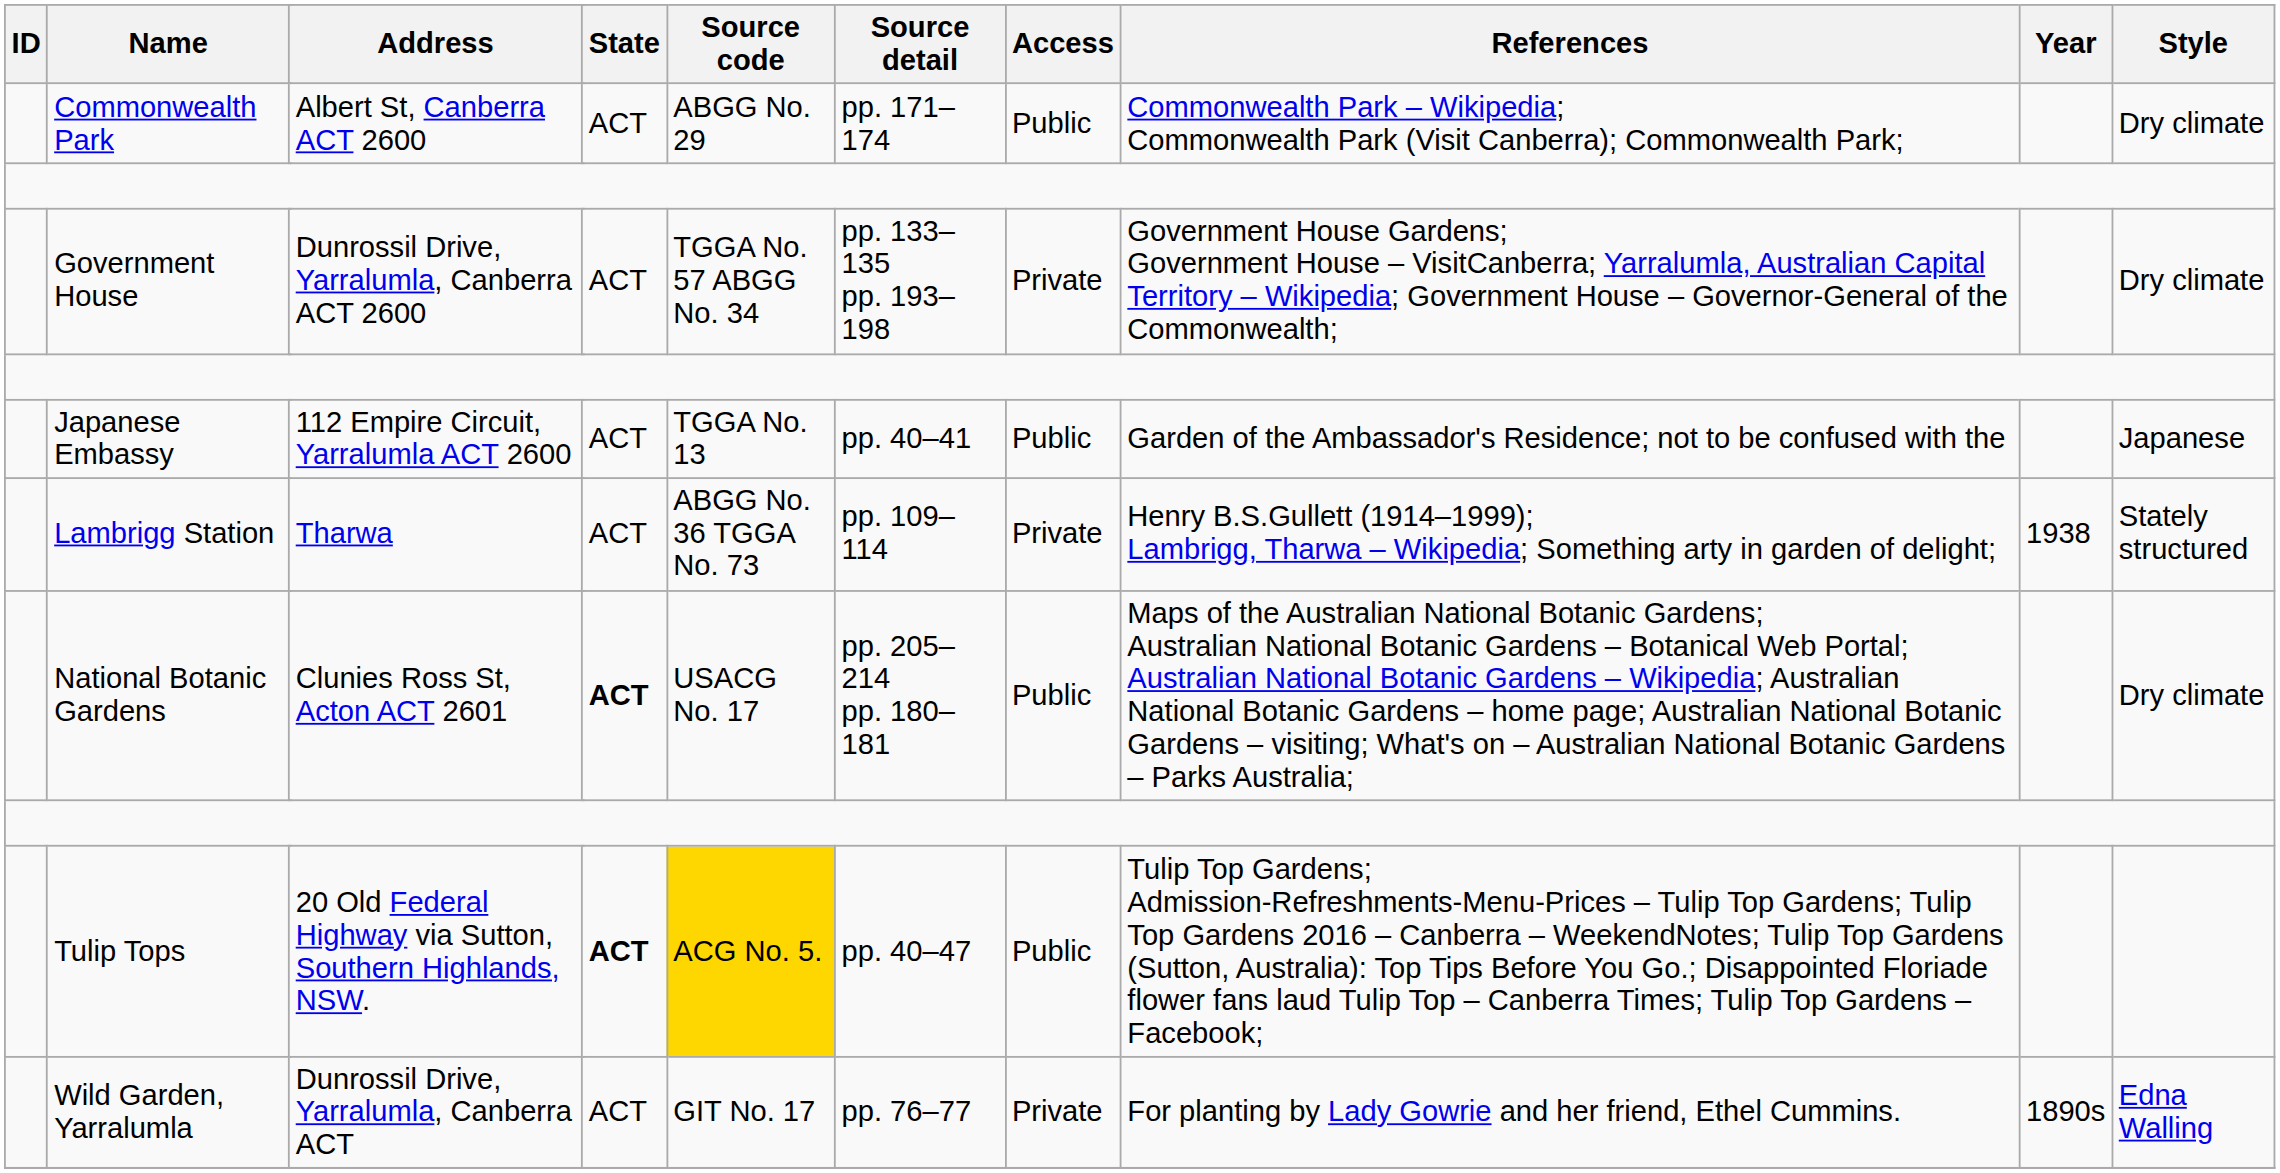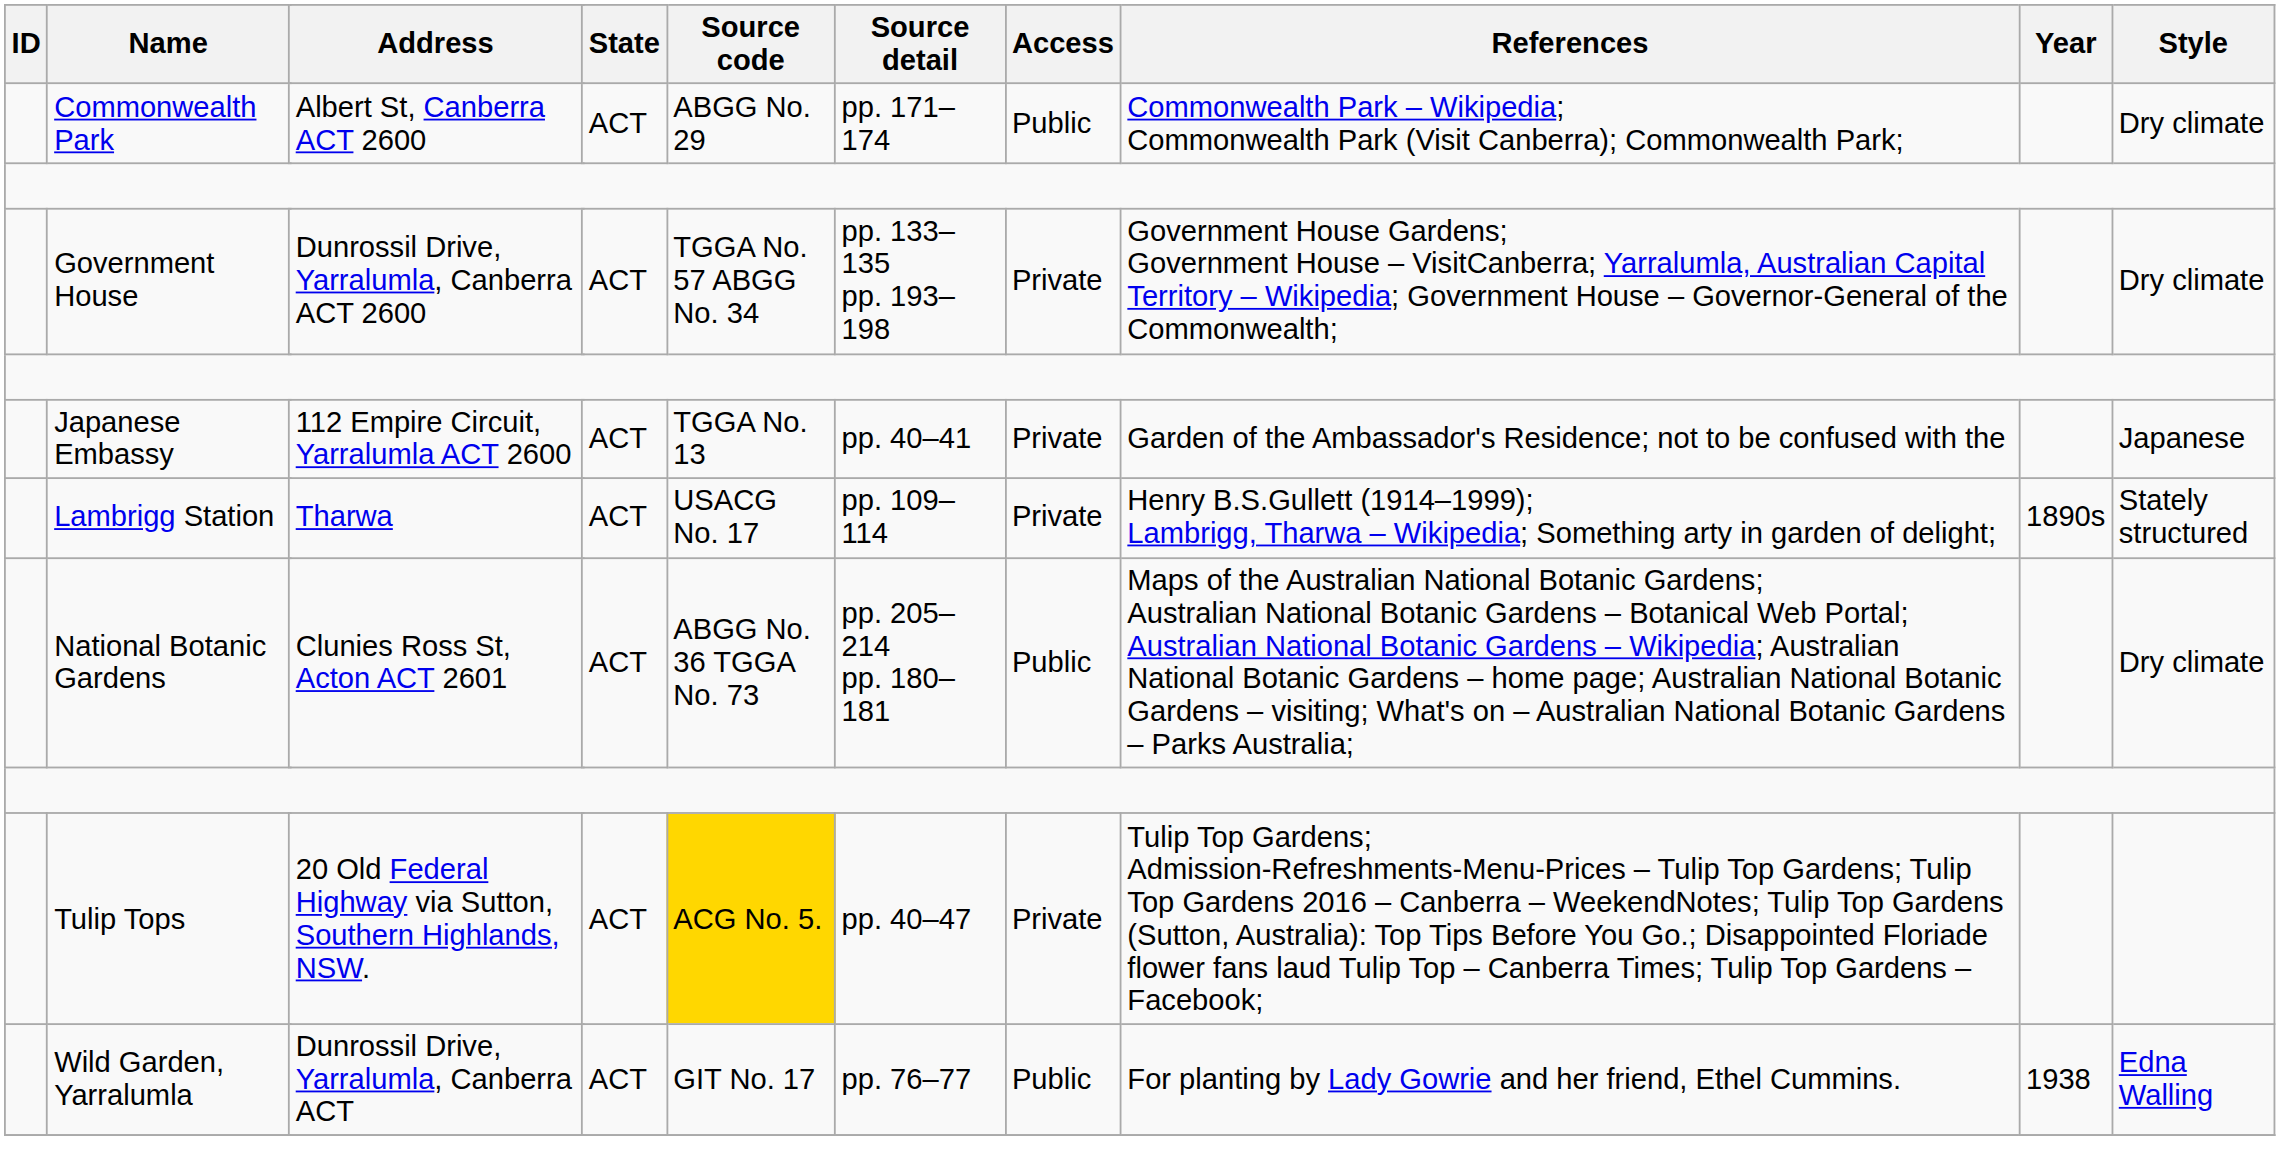 <table class="wikitable">
 <tr>
 <th colspan="1">ID</th>
 <th colspan="2">Name</th>
 <th colspan="3">Address</th>
 <th colspan="1">State</th>
 <th colspan="1">Source code</th>
 <th colspan="2">Source detail</th>
 <th colspan="1">Access</th>
 <th colspan="5">References</th>
 <th colspan="1">Year</th>
 <th colspan="2">Style</th>
 </tr>
 <tr>
 <td colspan="1"><br></td>
 <td colspan="2"><a href='#'>Commonwealth Park</a></td>
 <td colspan="3">Albert St, <a href='#'>Canberra ACT</a> 2600</td>
 <td colspan="1">ACT</td>
 <td colspan="1">ABGG No. 29</td>
 <td colspan="2">pp. 171–174</td>
 <td colspan="1">Public</td>
 <td colspan="5"><a href='#'>Commonwealth Park – Wikipedia</a>;<br>Commonwealth Park (Visit Canberra); Commonwealth Park;</td>
 <td colspan="1"></td>
 <td colspan="2">Dry climate</td>
 </tr>
 <tr>
 <td colspan="19"><br></td>
 </tr>
 <tr>
 <td colspan="1"><br></td>
 <td colspan="2">Government House</td>
 <td colspan="3">Dunrossil Drive, <a href='#'>Yarralumla</a>, Canberra ACT 2600</td>
 <td colspan="1">ACT</td>
 <td colspan="1">TGGA No. 57	ABGG No. 34</td>
 <td colspan="2">pp. 133–135	pp. 193–198</td>
 <td colspan="1">Private</td>
 <td colspan="5">Government House Gardens;<br>Government House – VisitCanberra; <a href='#'>Yarralumla, Australian Capital Territory – Wikipedia</a>; Government House – Governor-General of the Commonwealth;</td>
 <td colspan="1"></td>
 <td colspan="2">Dry climate</td>
 </tr>
 <tr>
 <td colspan="19"><br></td>
 </tr>
 <tr>
 <td colspan="1"><br></td>
 <td colspan="2">Japanese Embassy</td>
 <td colspan="3">112 Empire Circuit, <a href='#'>Yarralumla ACT</a> 2600</td>
 <td colspan="1">ACT</td>
 <td colspan="1">TGGA No. 13</td>
 <td colspan="2">pp. 40–41</td>
-<td colspan="1">Public</td>
+<td colspan="1">Private</td>
 <td colspan="5">Garden of the Ambassador's Residence; not to be confused with the </td>
 <td colspan="1"></td>
 <td colspan="2">Japanese</td>
 </tr>
 <tr>
 <td colspan="1"><br></td>
 <td colspan="2"><a href='#'>Lambrigg</a> Station</td>
 <td colspan="3"><a href='#'>Tharwa</a></td>
 <td colspan="1">ACT</td>
-<td colspan="1">ABGG No. 36	TGGA No. 73</td>
+<td colspan="1">USACG No. 17</td>
 <td colspan="2">pp. 109–114</td>
 <td colspan="1">Private</td>
 <td colspan="5">Henry B.S.Gullett (1914–1999);<br><a href='#'>Lambrigg, Tharwa – Wikipedia</a>; Something arty in garden of delight; </td>
-<td colspan="1">1938</td>
+<td colspan="1">1890s</td>
 <td colspan="2">Stately structured</td>
 </tr>
 <tr>
 <td colspan="1"><br></td>
 <td colspan="2">National Botanic Gardens</td>
 <td colspan="3">Clunies Ross St, <a href='#'>Acton ACT</a> 2601</td>
-<td colspan="1"><strong>ACT</strong></td>
-<td colspan="1">USACG No. 17</td>
+<td colspan="1">ACT</td>
+<td colspan="1">ABGG No. 36	TGGA No. 73</td>
 <td colspan="2">pp. 205–214	pp. 180–181</td>
 <td colspan="1">Public</td>
 <td colspan="5">Maps of the Australian National Botanic Gardens;<br>Australian National Botanic Gardens – Botanical Web Portal; <a href='#'>Australian National Botanic Gardens – Wikipedia</a>; Australian National Botanic Gardens – home page;  Australian National Botanic Gardens – visiting; What's on – Australian National Botanic Gardens – Parks Australia;</td>
 <td colspan="1"></td>
 <td colspan="2">Dry climate</td>
 </tr>
 <tr>
 <td colspan="19"><br></td>
 </tr>
 <tr>
 <td colspan="1"><br></td>
 <td colspan="2">Tulip Tops</td>
 <td colspan="3">20 Old <a href='#'>Federal Highway</a> via Sutton, <a href='#'>Southern Highlands, NSW</a>.</td>
-<td colspan="1"><strong>ACT</strong></td>
+<td colspan="1">ACT</td>
 <td colspan="1" style="background: gold;">ACG No. 5.</td>
 <td colspan="2">pp. 40–47</td>
-<td colspan="1">Public</td>
+<td colspan="1">Private</td>
 <td colspan="5">Tulip Top Gardens;<br>Admission-Refreshments-Menu-Prices – Tulip Top Gardens; Tulip Top Gardens 2016 – Canberra – WeekendNotes; Tulip Top Gardens (Sutton, Australia): Top Tips Before You Go.; Disappointed Floriade flower fans laud Tulip Top – Canberra Times; Tulip Top Gardens – Facebook;</td>
 <td colspan="1"></td>
 <td colspan="2"></td>
 </tr>
 <tr>
 <td colspan="1"><br></td>
 <td colspan="2">Wild Garden, Yarralumla</td>
 <td colspan="3">Dunrossil Drive, <a href='#'>Yarralumla</a>, Canberra ACT</td>
 <td colspan="1">ACT</td>
 <td colspan="1">GIT No. 17</td>
 <td colspan="2">pp. 76–77</td>
-<td colspan="1">Private</td>
+<td colspan="1">Public</td>
 <td colspan="5">For planting by <a href='#'>Lady Gowrie</a> and her friend, Ethel Cummins.</td>
-<td colspan="1">1890s</td>
+<td colspan="1">1938</td>
 <td colspan="2"><a href='#'>Edna Walling</a></td>
 </tr>
 <tr>
 </tr>
 </table>
